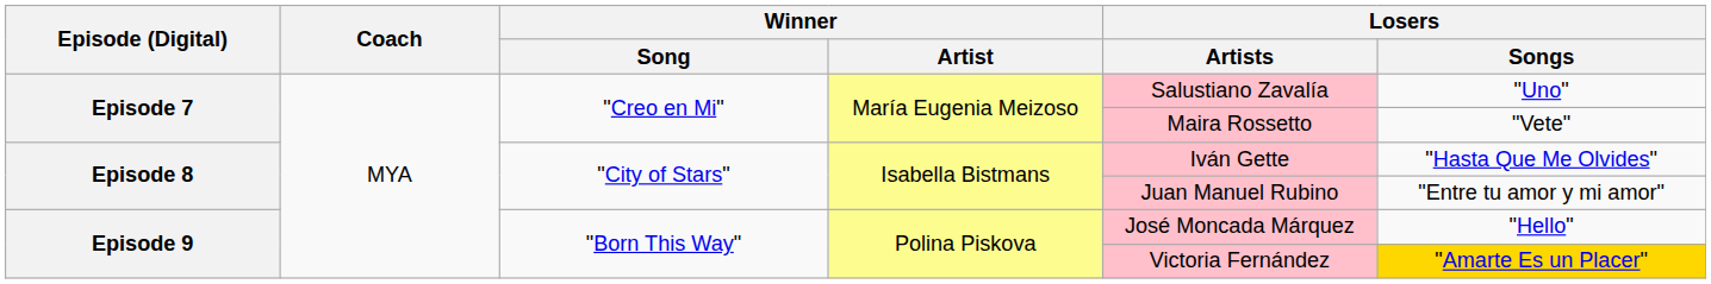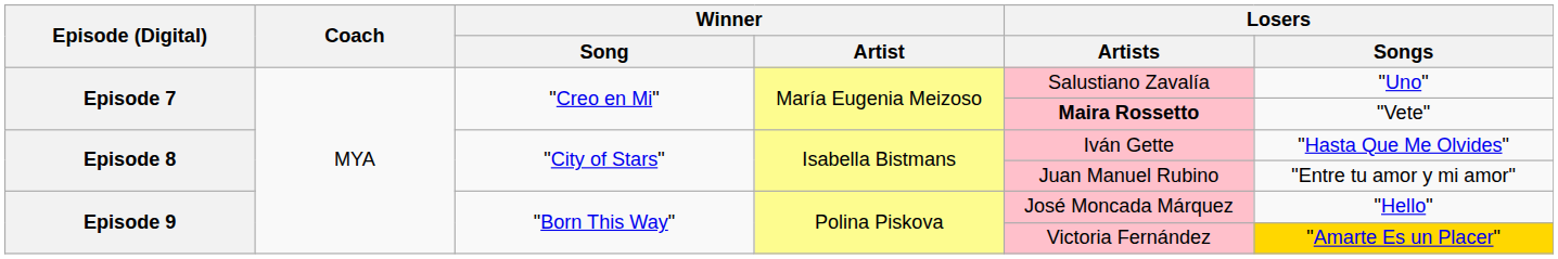 <table class="wikitable" style="text-align: center; width:100%">
 <tr>
 <th rowspan="2" style="width:15%">Episode (Digital)</th>
 <th rowspan="2" style="width:12%">Coach</th>
 <th colspan="2" style="width:15%">Winner</th>
 <th colspan="2" style="width:15%">Losers</th>
 </tr>
 <tr>
 <th style="width:18%">Song</th>
 <th style="width:15%">Artist</th>
 <th style="width:15%">Artists</th>
 <th style="width:18%">Songs</th>
 </tr>
 <tr>
 <th rowspan="2">Episode 7<br></th>
 <td rowspan="6">MYA</td>
 <td rowspan="2">"<a href='#'>Creo en Mi</a>"</td>
 <td rowspan="2" style="background:#fdfc8f">María Eugenia Meizoso</td>
 <td style="background:pink">Salustiano Zavalía</td>
 <td>"<a href='#'>Uno</a>"</td>
 </tr>
 <tr>
-<td style="background:pink">Maira Rossetto</td>
+<td style="background:pink"><strong>Maira Rossetto</strong></td>
 <td>"Vete"</td>
 </tr>
 <tr>
 <th rowspan="2">Episode 8<br></th>
 <td rowspan="2">"<a href='#'>City of Stars</a>"</td>
 <td rowspan="2" style="background:#fdfc8f">Isabella Bistmans</td>
 <td style="background:pink">Iván Gette</td>
 <td>"<a href='#'>Hasta Que Me Olvides</a>"</td>
 </tr>
 <tr>
 <td style="background:pink">Juan Manuel Rubino</td>
 <td>"Entre tu amor y mi amor"</td>
 </tr>
 <tr>
 <th rowspan="2">Episode 9<br></th>
 <td rowspan="2">"<a href='#'>Born This Way</a>"</td>
 <td rowspan="2" style="background:#fdfc8f">Polina Piskova</td>
 <td style="background:pink">José Moncada Márquez</td>
 <td>"<a href='#'>Hello</a>"</td>
 </tr>
 <tr>
 <td style="background:pink">Victoria Fernández</td>
 <td style="background: gold;">"<a href='#'>Amarte Es un Placer</a>"</td>
 </tr>
 </table>
